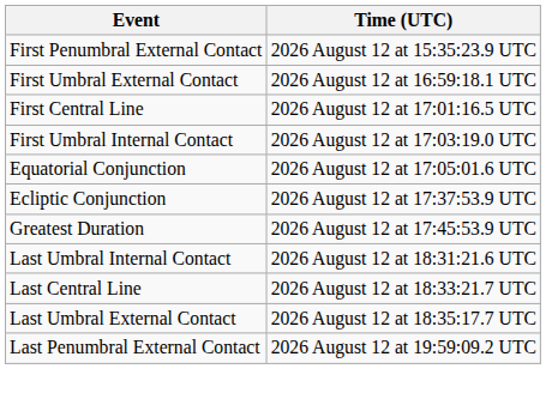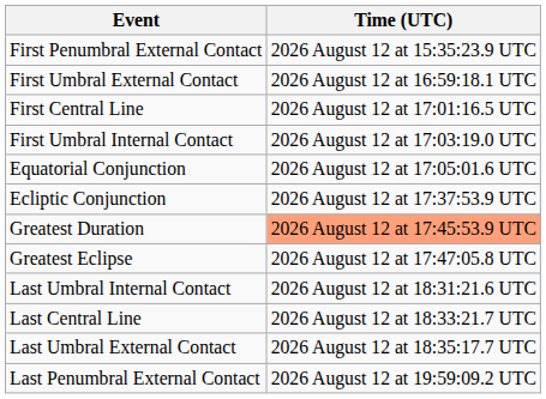 <table class="wikitable">
 <tr>
 <th>Event</th>
 <th>Time (UTC)</th>
 </tr>
 <tr>
 <td>First Penumbral External Contact</td>
 <td>2026 August 12 at 15:35:23.9 UTC</td>
 </tr>
 <tr>
 <td>First Umbral External Contact</td>
 <td>2026 August 12 at 16:59:18.1 UTC</td>
 </tr>
 <tr>
 <td>First Central Line</td>
 <td>2026 August 12 at 17:01:16.5 UTC</td>
 </tr>
 <tr>
 <td>First Umbral Internal Contact</td>
 <td>2026 August 12 at 17:03:19.0 UTC</td>
 </tr>
 <tr>
 <td>Equatorial Conjunction</td>
 <td>2026 August 12 at 17:05:01.6 UTC</td>
 </tr>
 <tr>
 <td>Ecliptic Conjunction</td>
 <td>2026 August 12 at 17:37:53.9 UTC</td>
 </tr>
 <tr>
 <td>Greatest Duration</td>
-<td>2026 August 12 at 17:45:53.9 UTC</td>
+<td style="background: lightsalmon;">2026 August 12 at 17:45:53.9 UTC</td>
+</tr>
+<tr>
+<td>Greatest Eclipse</td>
+<td>2026 August 12 at 17:47:05.8 UTC</td>
 </tr>
 <tr>
 <td>Last Umbral Internal Contact</td>
 <td>2026 August 12 at 18:31:21.6 UTC</td>
 </tr>
 <tr>
 <td>Last Central Line</td>
 <td>2026 August 12 at 18:33:21.7 UTC</td>
 </tr>
 <tr>
 <td>Last Umbral External Contact</td>
 <td>2026 August 12 at 18:35:17.7 UTC</td>
 </tr>
 <tr>
 <td>Last Penumbral External Contact</td>
 <td>2026 August 12 at 19:59:09.2 UTC</td>
 </tr>
 </table>
